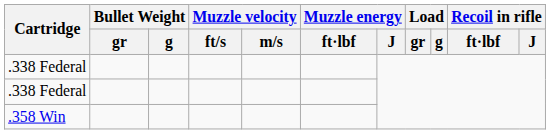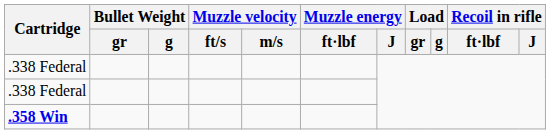 <table class="wikitable">
 <tr>
 <th rowspan=2>Cartridge</th>
 <th colspan=2>Bullet Weight</th>
 <th colspan=2><a href='#'>Muzzle velocity</a></th>
 <th colspan=2><a href='#'>Muzzle energy</a></th>
 <th colspan=2>Load</th>
 <th colspan=2><a href='#'>Recoil</a> in  rifle</th>
 </tr>
 <tr>
 <th>gr</th>
 <th>g</th>
 <th>ft/s</th>
 <th>m/s</th>
 <th>ft·lbf</th>
 <th>J</th>
 <th>gr</th>
 <th>g</th>
 <th>ft·lbf</th>
 <th>J</th>
 </tr>
 <tr>
 <td>.338 Federal</td>
 <td></td>
 <td></td>
 <td></td>
 <td></td>
 <td></td>
 </tr>
 <tr>
 <td>.338 Federal</td>
 <td></td>
 <td></td>
 <td></td>
 <td></td>
 <td></td>
 </tr>
 <tr>
-<td><a href='#'>.358 Win</a></td>
+<td><strong><a href='#'>.358 Win</a></strong></td>
 <td></td>
 <td></td>
 <td></td>
 <td></td>
 <td></td>
 </tr>
 </table>
